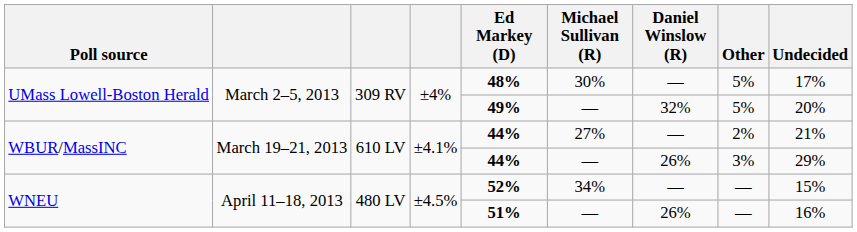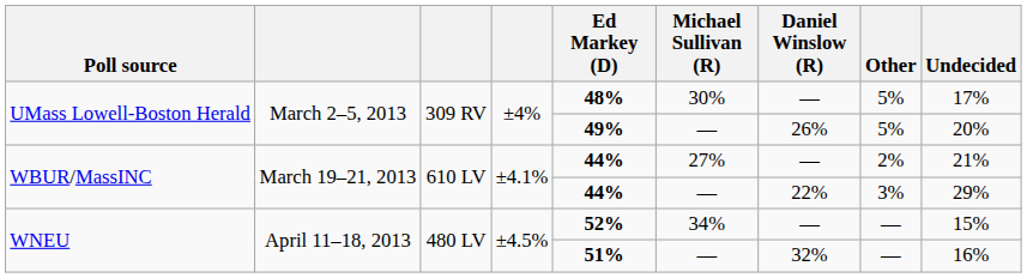 <table class="wikitable" style="text-align:center">
 <tr valign= bottom>
 <th>Poll source</th>
 <th></th>
 <th></th>
 <th></th>
 <th style="width:75px;">Ed<br>Markey (D)</th>
 <th style="width:75px;">Michael<br>Sullivan (R)</th>
 <th style="width:75px;">Daniel<br>Winslow (R)</th>
 <th>Other</th>
 <th>Undecided</th>
 </tr>
 <tr>
 <td align=left rowspan=2><a href='#'>UMass Lowell-Boston Herald</a></td>
 <td rowspan=2>March 2–5, 2013</td>
 <td rowspan=2>309 RV</td>
 <td rowspan=2>±4%</td>
 <td><strong>48%</strong></td>
 <td>30%</td>
 <td>—</td>
 <td>5%</td>
 <td>17%</td>
 </tr>
 <tr>
 <td><strong>49%</strong></td>
 <td>—</td>
-<td>32%</td>
+<td>26%</td>
 <td>5%</td>
 <td>20%</td>
 </tr>
 <tr>
 <td align=left rowspan=2><a href='#'>WBUR</a>/<a href='#'>MassINC</a></td>
 <td rowspan=2>March 19–21, 2013</td>
 <td rowspan=2>610 LV</td>
 <td rowspan=2>±4.1%</td>
 <td><strong>44%</strong></td>
 <td>27%</td>
 <td>—</td>
 <td>2%</td>
 <td>21%</td>
 </tr>
 <tr>
 <td><strong>44%</strong></td>
 <td>—</td>
-<td>26%</td>
+<td>22%</td>
 <td>3%</td>
 <td>29%</td>
 </tr>
 <tr>
 <td align=left rowspan=2><a href='#'>WNEU</a></td>
 <td rowspan=2>April 11–18, 2013</td>
 <td rowspan=2>480 LV</td>
 <td rowspan=2>±4.5%</td>
 <td><strong>52%</strong></td>
 <td>34%</td>
 <td>—</td>
 <td>—</td>
 <td>15%</td>
 </tr>
 <tr>
 <td><strong>51%</strong></td>
 <td>—</td>
-<td>26%</td>
+<td>32%</td>
 <td>—</td>
 <td>16%</td>
 </tr>
 </table>
